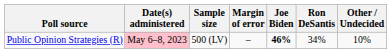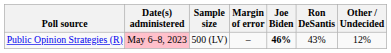 <table class="wikitable sortable mw-datatable" style="font-size:90%;text-align:center;line-height:17px">
 <tr valign=bottom>
 <th>Poll source</th>
 <th>Date(s)<br>administered</th>
 <th>Sample<br>size</th>
 <th>Margin<br>of error</th>
 <th class="unsortable">Joe<br>Biden<br></th>
 <th class="unsortable">Ron<br>DeSantis<br></th>
 <th class="unsortable">Other /<br>Undecided</th>
 </tr>
 <tr>
 <td style="text-align:left;"><a href='#'>Public Opinion Strategies (R)</a></td>
 <td data-sort-value="2023-05-08" style="background: pink;">May 6–8, 2023</td>
 <td>500 (LV)</td>
 <td>–</td>
 <td style="color:black;background-color:"><strong>46%</strong></td>
-<td>34%</td>
-<td>10%</td>
+<td>43%</td>
+<td>12%</td>
 </tr>
 </table>
